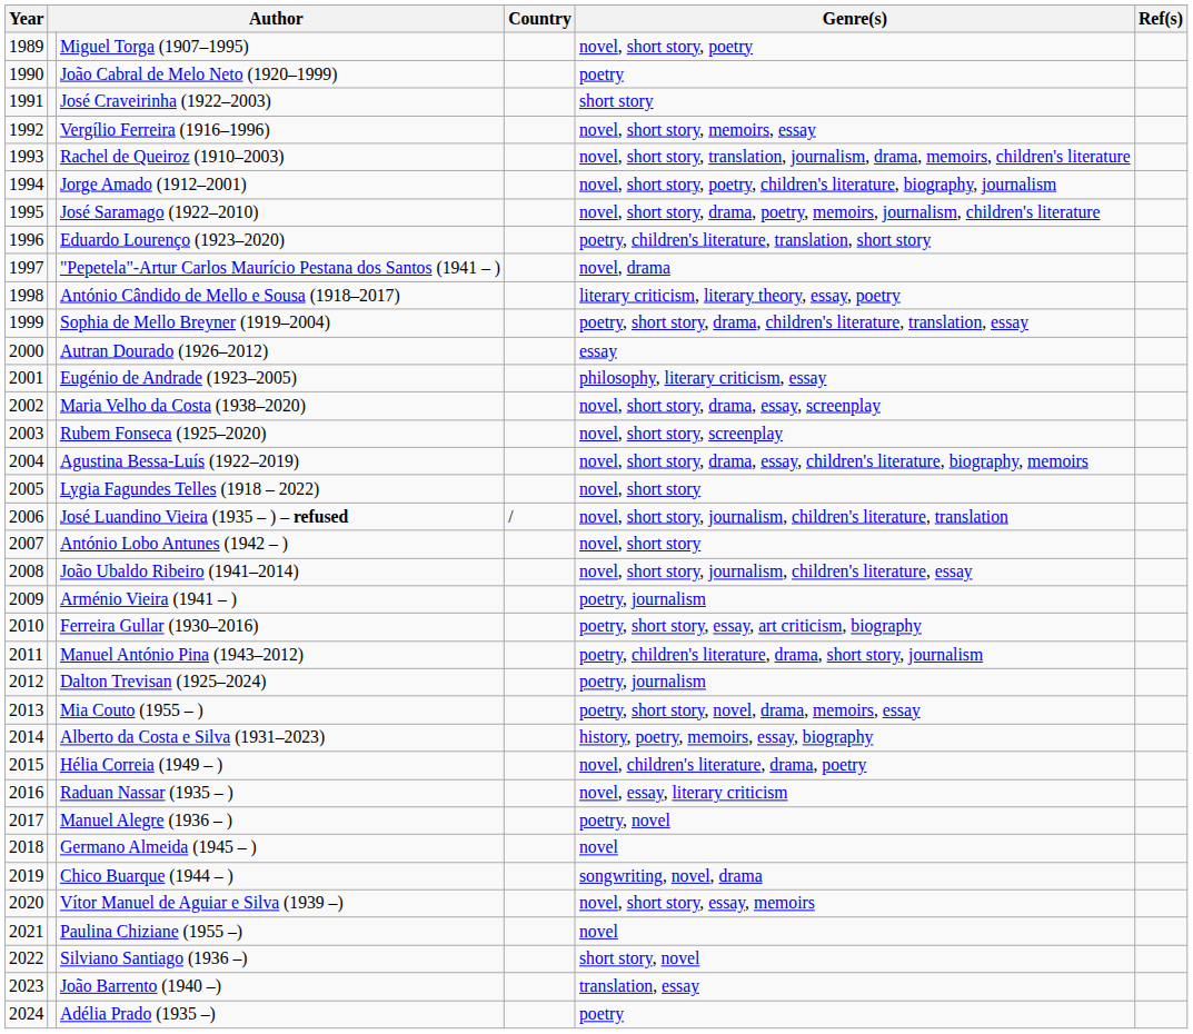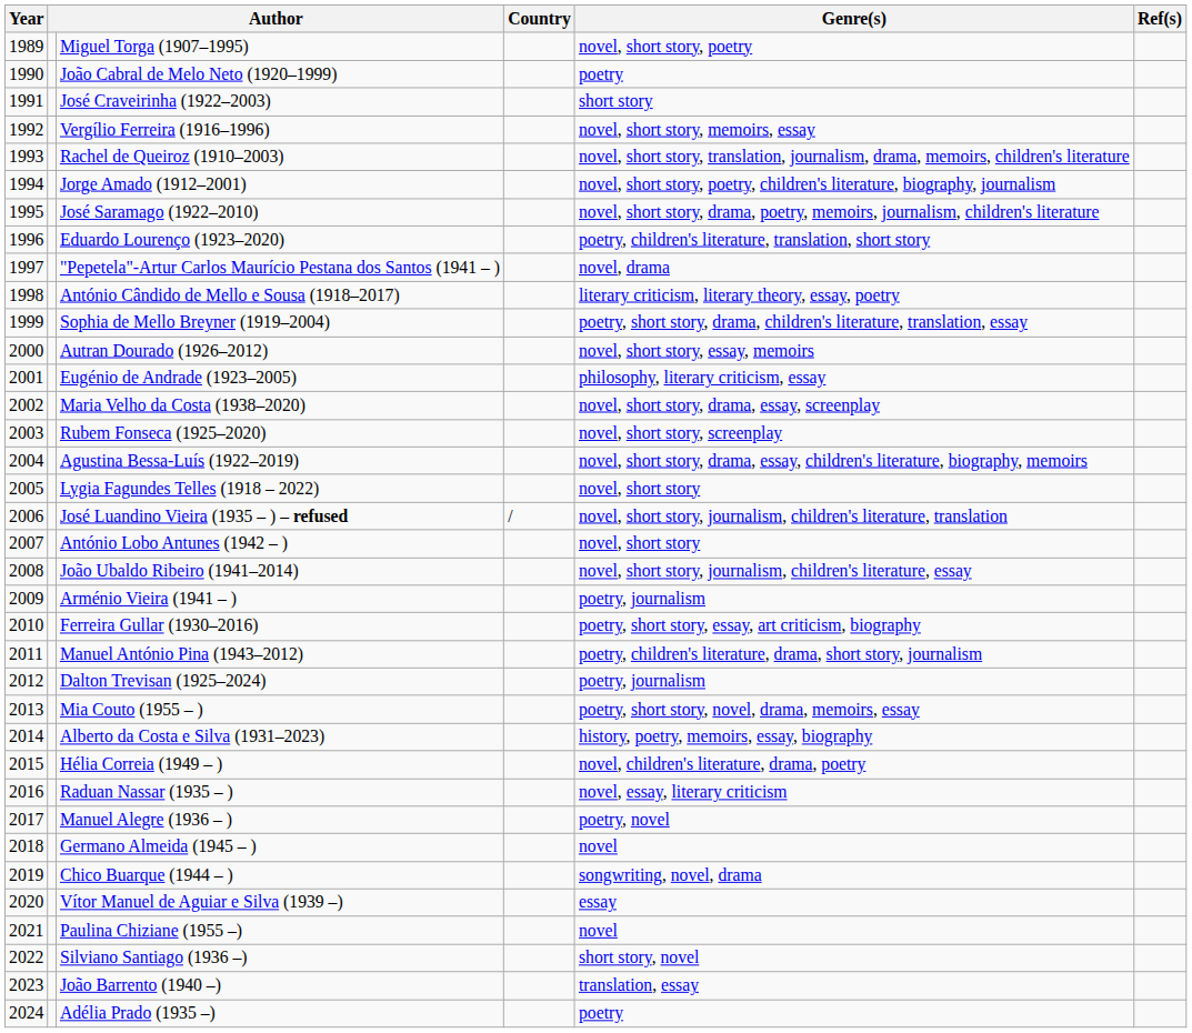 <table class="sortable wikitable">
 <tr>
 <th>Year</th>
 <th colspan="2">Author</th>
 <th>Country</th>
 <th>Genre(s)</th>
 <th>Ref(s)</th>
 </tr>
 <tr>
 <td>1989</td>
 <td></td>
 <td><a href='#'>Miguel Torga</a> (1907–1995)</td>
 <td></td>
 <td><a href='#'>novel</a>, <a href='#'>short story</a>, <a href='#'>poetry</a></td>
 <td></td>
 </tr>
 <tr>
 <td>1990</td>
 <td></td>
 <td><a href='#'>João Cabral de Melo Neto</a> (1920–1999)</td>
 <td></td>
 <td><a href='#'>poetry</a></td>
 <td></td>
 </tr>
 <tr>
 <td>1991</td>
 <td></td>
 <td><a href='#'>José Craveirinha</a> (1922–2003)</td>
 <td></td>
 <td><a href='#'>short story</a></td>
 <td></td>
 </tr>
 <tr>
 <td>1992</td>
 <td></td>
 <td><a href='#'>Vergílio Ferreira</a> (1916–1996)</td>
 <td></td>
 <td><a href='#'>novel</a>, <a href='#'>short story</a>, <a href='#'>memoirs</a>, <a href='#'>essay</a></td>
 <td></td>
 </tr>
 <tr>
 <td>1993</td>
 <td></td>
 <td><a href='#'>Rachel de Queiroz</a> (1910–2003)</td>
 <td></td>
 <td><a href='#'>novel</a>, <a href='#'>short story</a>, <a href='#'>translation</a>, <a href='#'>journalism</a>, <a href='#'>drama</a>, <a href='#'>memoirs</a>, <a href='#'>children's literature</a></td>
 <td></td>
 </tr>
 <tr>
 <td>1994</td>
 <td></td>
 <td><a href='#'>Jorge Amado</a> (1912–2001)</td>
 <td></td>
 <td><a href='#'>novel</a>, <a href='#'>short story</a>, <a href='#'>poetry</a>, <a href='#'>children's literature</a>, <a href='#'>biography</a>, <a href='#'>journalism</a></td>
 <td></td>
 </tr>
 <tr>
 <td>1995</td>
 <td></td>
 <td><a href='#'>José Saramago</a> (1922–2010)</td>
 <td></td>
 <td><a href='#'>novel</a>, <a href='#'>short story</a>, <a href='#'>drama</a>, <a href='#'>poetry</a>, <a href='#'>memoirs</a>, <a href='#'>journalism</a>, <a href='#'>children's literature</a></td>
 <td></td>
 </tr>
 <tr>
 <td>1996</td>
 <td></td>
 <td><a href='#'>Eduardo Lourenço</a> (1923–2020)</td>
 <td></td>
 <td><a href='#'>poetry</a>, <a href='#'>children's literature</a>, <a href='#'>translation</a>, <a href='#'>short story</a></td>
 <td></td>
 </tr>
 <tr>
 <td>1997</td>
 <td></td>
 <td><a href='#'>"Pepetela"-Artur Carlos Maurício Pestana dos Santos</a> (1941 – )</td>
 <td></td>
 <td><a href='#'>novel</a>, <a href='#'>drama</a></td>
 <td></td>
 </tr>
 <tr>
 <td>1998</td>
 <td></td>
 <td><a href='#'>António Cândido de Mello e Sousa</a> (1918–2017)</td>
 <td></td>
 <td><a href='#'>literary criticism</a>, <a href='#'>literary theory</a>, <a href='#'>essay</a>, <a href='#'>poetry</a></td>
 <td></td>
 </tr>
 <tr>
 <td>1999</td>
 <td></td>
 <td><a href='#'>Sophia de Mello Breyner</a> (1919–2004)</td>
 <td></td>
 <td><a href='#'>poetry</a>, <a href='#'>short story</a>, <a href='#'>drama</a>, <a href='#'>children's literature</a>, <a href='#'>translation</a>, <a href='#'>essay</a></td>
 <td></td>
 </tr>
 <tr>
 <td>2000</td>
 <td></td>
 <td><a href='#'>Autran Dourado</a> (1926–2012)</td>
 <td></td>
-<td><a href='#'>essay</a></td>
+<td><a href='#'>novel</a>, <a href='#'>short story</a>, <a href='#'>essay</a>, <a href='#'>memoirs</a></td>
 <td></td>
 </tr>
 <tr>
 <td>2001</td>
 <td></td>
 <td><a href='#'>Eugénio de Andrade</a> (1923–2005)</td>
 <td></td>
 <td><a href='#'>philosophy</a>, <a href='#'>literary criticism</a>, <a href='#'>essay</a></td>
 <td></td>
 </tr>
 <tr>
 <td>2002</td>
 <td></td>
 <td><a href='#'>Maria Velho da Costa</a> (1938–2020)</td>
 <td></td>
 <td><a href='#'>novel</a>, <a href='#'>short story</a>, <a href='#'>drama</a>, <a href='#'>essay</a>, <a href='#'>screenplay</a></td>
 <td></td>
 </tr>
 <tr>
 <td>2003</td>
 <td></td>
 <td><a href='#'>Rubem Fonseca</a> (1925–2020)</td>
 <td></td>
 <td><a href='#'>novel</a>, <a href='#'>short story</a>, <a href='#'>screenplay</a></td>
 <td></td>
 </tr>
 <tr>
 <td>2004</td>
 <td></td>
 <td><a href='#'>Agustina Bessa-Luís</a> (1922–2019)</td>
 <td></td>
 <td><a href='#'>novel</a>, <a href='#'>short story</a>, <a href='#'>drama</a>, <a href='#'>essay</a>, <a href='#'>children's literature</a>, <a href='#'>biography</a>, <a href='#'>memoirs</a></td>
 <td></td>
 </tr>
 <tr>
 <td>2005</td>
 <td></td>
 <td><a href='#'>Lygia Fagundes Telles</a> (1918 – 2022)</td>
 <td></td>
 <td><a href='#'>novel</a>, <a href='#'>short story</a></td>
 <td></td>
 </tr>
 <tr>
 <td>2006</td>
 <td></td>
 <td><a href='#'>José Luandino Vieira</a> (1935 – ) – <strong>refused</strong></td>
 <td> / </td>
 <td><a href='#'>novel</a>, <a href='#'>short story</a>, <a href='#'>journalism</a>, <a href='#'>children's literature</a>, <a href='#'>translation</a></td>
 <td></td>
 </tr>
 <tr>
 <td>2007</td>
 <td></td>
 <td><a href='#'>António Lobo Antunes</a> (1942 – )</td>
 <td></td>
 <td><a href='#'>novel</a>, <a href='#'>short story</a></td>
 <td></td>
 </tr>
 <tr>
 <td>2008</td>
 <td></td>
 <td><a href='#'>João Ubaldo Ribeiro</a> (1941–2014)</td>
 <td></td>
 <td><a href='#'>novel</a>, <a href='#'>short story</a>, <a href='#'>journalism</a>, <a href='#'>children's literature</a>, <a href='#'>essay</a></td>
 <td></td>
 </tr>
 <tr>
 <td>2009</td>
 <td></td>
 <td><a href='#'>Arménio Vieira</a> (1941 – )</td>
 <td></td>
 <td><a href='#'>poetry</a>, <a href='#'>journalism</a></td>
 <td></td>
 </tr>
 <tr>
 <td>2010</td>
 <td></td>
 <td><a href='#'>Ferreira Gullar</a> (1930–2016)</td>
 <td></td>
 <td><a href='#'>poetry</a>, <a href='#'>short story</a>, <a href='#'>essay</a>, <a href='#'>art criticism</a>, <a href='#'>biography</a></td>
 <td></td>
 </tr>
 <tr>
 <td>2011</td>
 <td></td>
 <td><a href='#'>Manuel António Pina</a> (1943–2012)</td>
 <td></td>
 <td><a href='#'>poetry</a>, <a href='#'>children's literature</a>, <a href='#'>drama</a>, <a href='#'>short story</a>, <a href='#'>journalism</a></td>
 <td></td>
 </tr>
 <tr>
 <td>2012</td>
 <td></td>
 <td><a href='#'>Dalton Trevisan</a> (1925–2024)</td>
 <td></td>
 <td><a href='#'>poetry</a>, <a href='#'>journalism</a></td>
 <td></td>
 </tr>
 <tr>
 <td>2013</td>
 <td></td>
 <td><a href='#'>Mia Couto</a> (1955 – )</td>
 <td></td>
 <td><a href='#'>poetry</a>, <a href='#'>short story</a>, <a href='#'>novel</a>, <a href='#'>drama</a>, <a href='#'>memoirs</a>, <a href='#'>essay</a></td>
 <td></td>
 </tr>
 <tr>
 <td>2014</td>
 <td></td>
 <td><a href='#'>Alberto da Costa e Silva</a> (1931–2023)</td>
 <td></td>
 <td><a href='#'>history</a>, <a href='#'>poetry</a>, <a href='#'>memoirs</a>, <a href='#'>essay</a>, <a href='#'>biography</a></td>
 <td></td>
 </tr>
 <tr>
 <td>2015</td>
 <td></td>
 <td><a href='#'>Hélia Correia</a> (1949 – )</td>
 <td></td>
 <td><a href='#'>novel</a>, <a href='#'>children's literature</a>, <a href='#'>drama</a>, <a href='#'>poetry</a></td>
 <td></td>
 </tr>
 <tr>
 <td>2016</td>
 <td></td>
 <td><a href='#'>Raduan Nassar</a> (1935 – )</td>
 <td></td>
 <td><a href='#'>novel</a>, <a href='#'>essay</a>, <a href='#'>literary criticism</a></td>
 <td></td>
 </tr>
 <tr>
 <td>2017</td>
 <td></td>
 <td><a href='#'>Manuel Alegre</a> (1936 – )</td>
 <td></td>
 <td><a href='#'>poetry</a>, <a href='#'>novel</a></td>
 <td></td>
 </tr>
 <tr>
 <td>2018</td>
 <td></td>
 <td><a href='#'>Germano Almeida</a> (1945 – )</td>
 <td></td>
 <td><a href='#'>novel</a></td>
 <td></td>
 </tr>
 <tr>
 <td>2019</td>
 <td></td>
 <td><a href='#'>Chico Buarque</a> (1944 – )</td>
 <td></td>
 <td><a href='#'>songwriting</a>, <a href='#'>novel</a>, <a href='#'>drama</a></td>
 <td></td>
 </tr>
 <tr>
 <td>2020</td>
 <td></td>
 <td><a href='#'>Vítor Manuel de Aguiar e Silva</a> (1939 –)</td>
 <td></td>
-<td><a href='#'>novel</a>, <a href='#'>short story</a>, <a href='#'>essay</a>, <a href='#'>memoirs</a></td>
+<td><a href='#'>essay</a></td>
 <td></td>
 </tr>
 <tr>
 <td>2021</td>
 <td></td>
 <td><a href='#'>Paulina Chiziane</a> (1955 –)</td>
 <td></td>
 <td><a href='#'>novel</a></td>
 <td></td>
 </tr>
 <tr>
 <td>2022</td>
 <td></td>
 <td><a href='#'>Silviano Santiago</a> (1936 –)</td>
 <td></td>
 <td><a href='#'>short story</a>, <a href='#'>novel</a></td>
 <td></td>
 </tr>
 <tr>
 <td>2023</td>
 <td></td>
 <td><a href='#'>João Barrento</a> (1940 –)</td>
 <td></td>
 <td><a href='#'>translation</a>, <a href='#'>essay</a></td>
 <td></td>
 </tr>
 <tr>
 <td>2024</td>
 <td></td>
 <td><a href='#'>Adélia Prado</a> (1935 –)</td>
 <td></td>
 <td><a href='#'>poetry</a></td>
 <td></td>
 </tr>
 </table>
